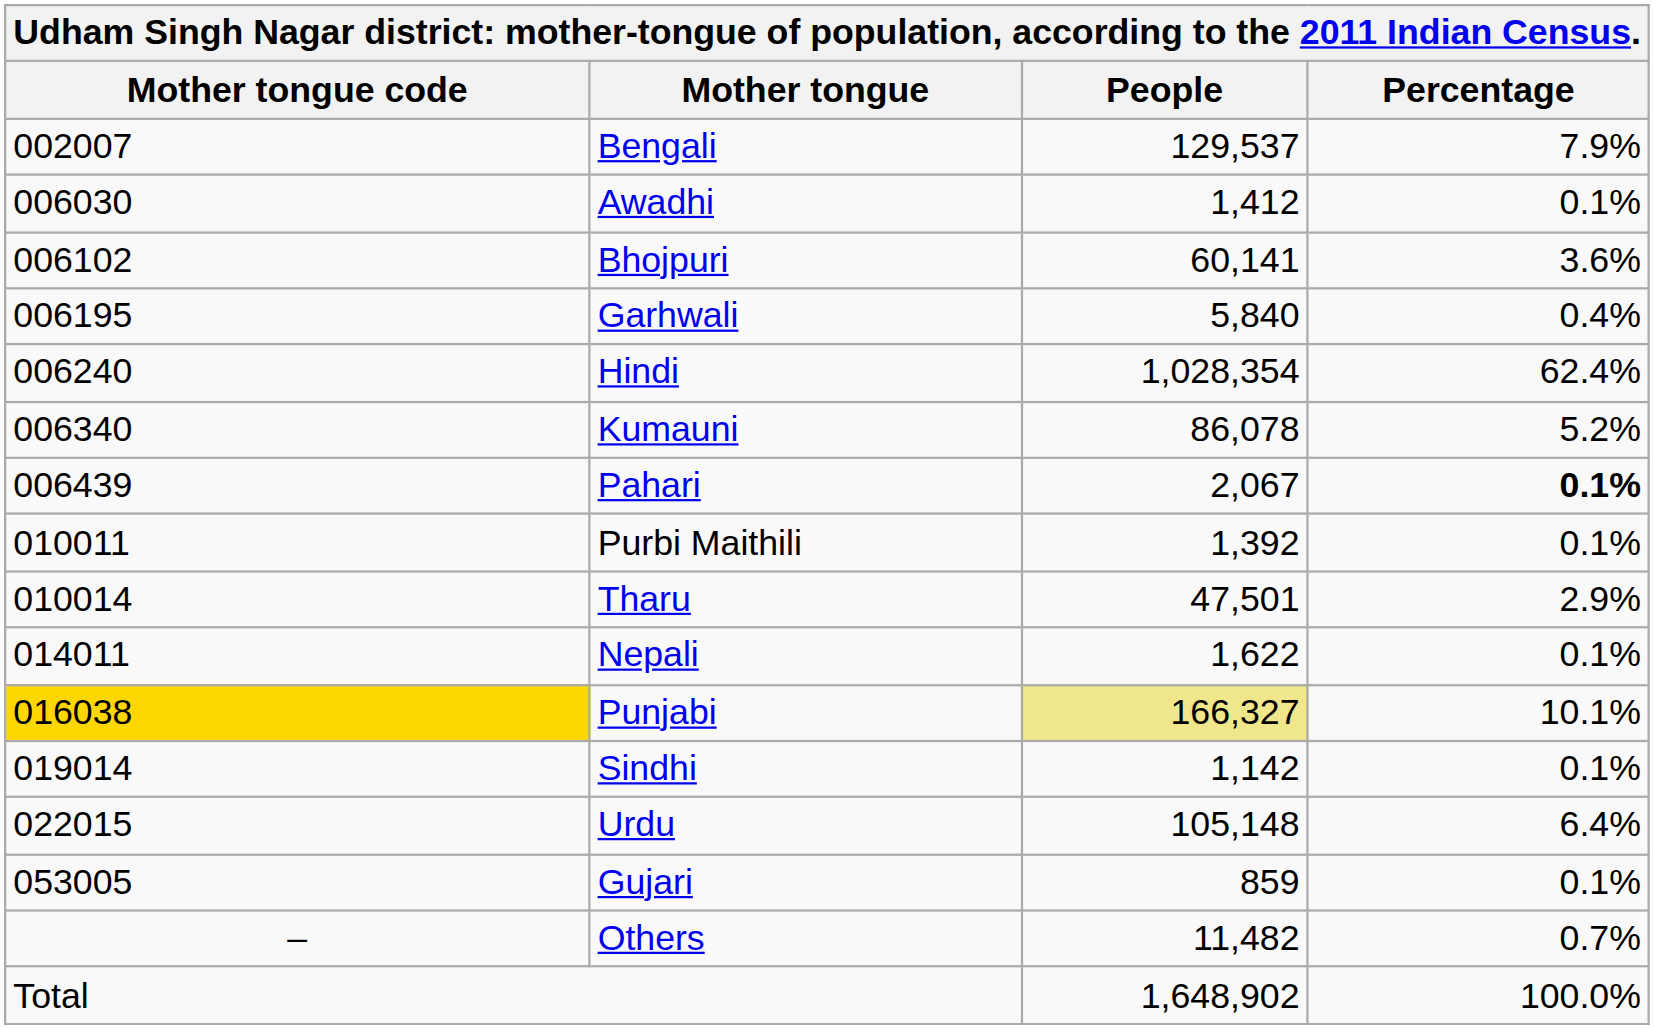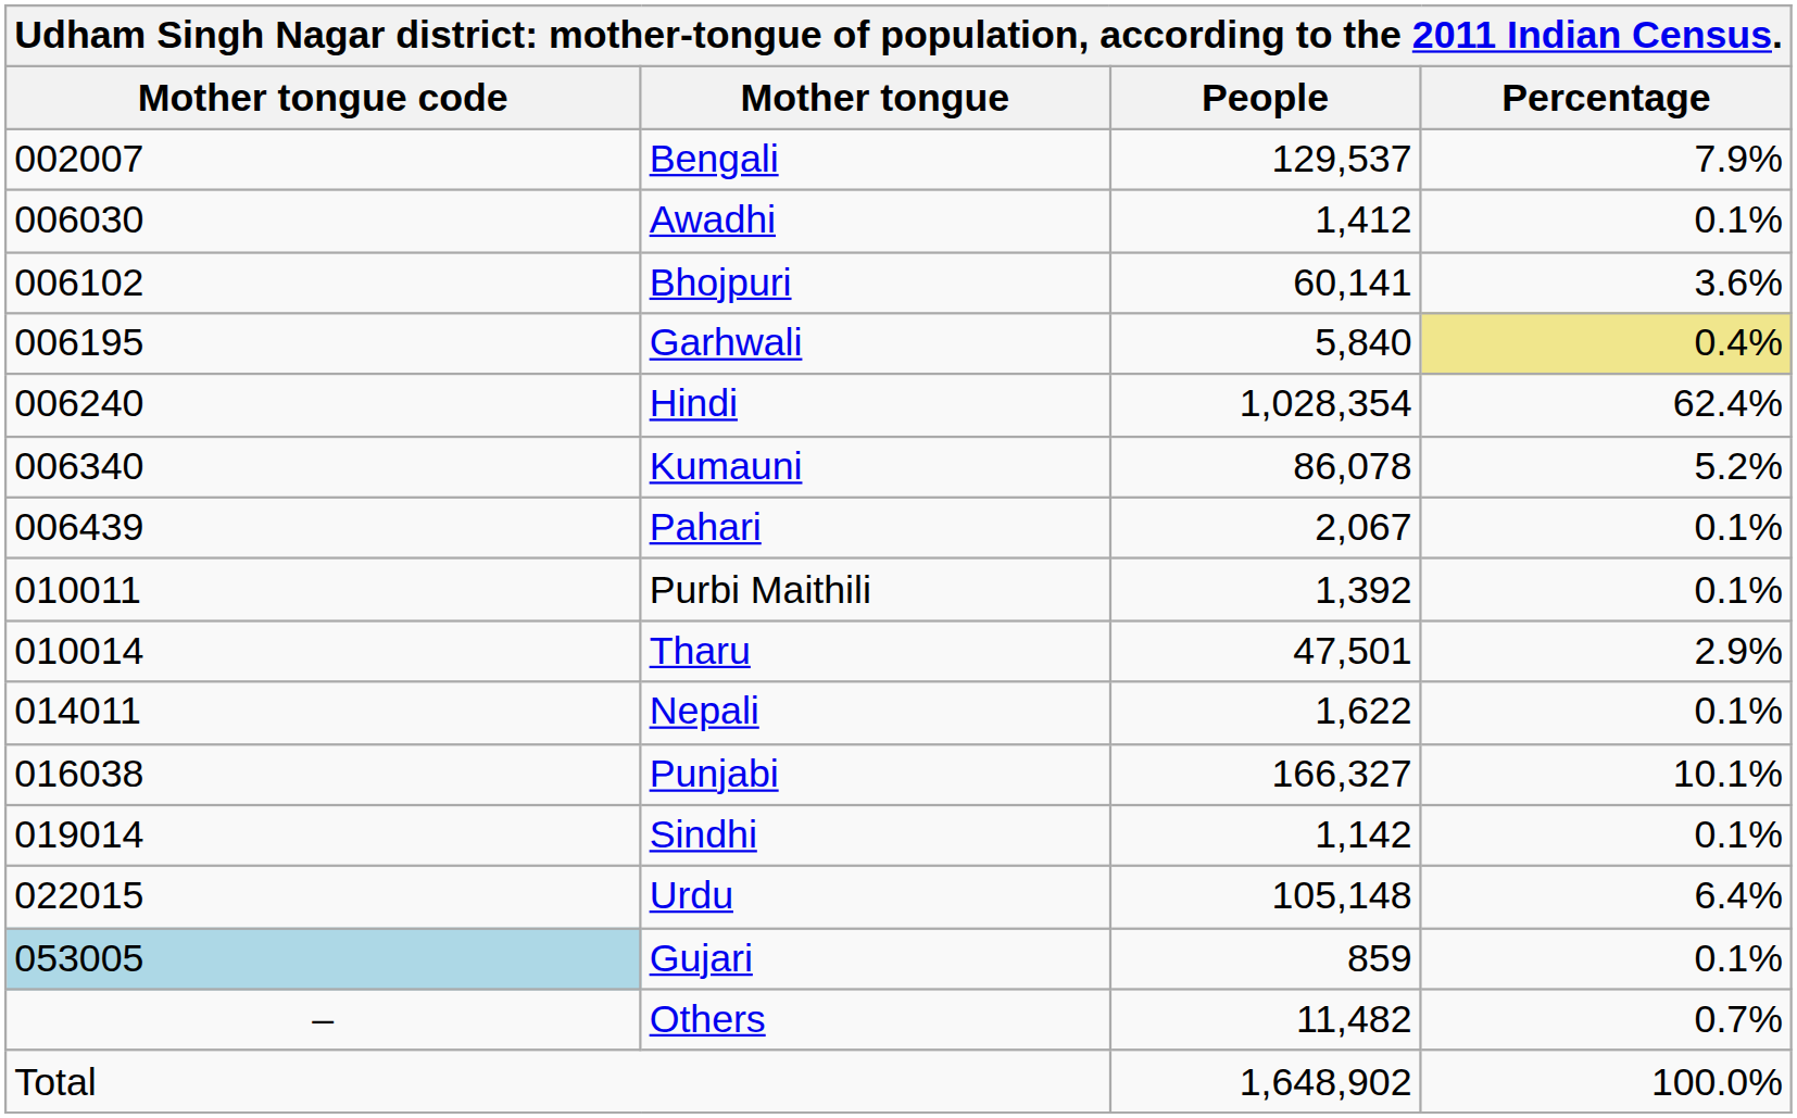 <table class="wikitable sortable mw-collapsible mw-collapsed">
 <tr valign=top>
 <th colspan=4>Udham Singh Nagar district: mother-tongue of population, according to the <a href='#'>2011 Indian Census</a>.</th>
 </tr>
 <tr valign=top>
 <th>Mother tongue code</th>
 <th>Mother tongue</th>
 <th>People</th>
 <th>Percentage</th>
 </tr>
 <tr valign=top>
 <td>002007</td>
 <td><a href='#'>Bengali</a></td>
 <td align=right>129,537</td>
 <td align=right>7.9%</td>
 </tr>
 <tr valign=top>
 <td>006030</td>
 <td><a href='#'>Awadhi</a></td>
 <td align=right>1,412</td>
 <td align=right>0.1%</td>
 </tr>
 <tr valign=top>
 <td>006102</td>
 <td><a href='#'>Bhojpuri</a></td>
 <td align=right>60,141</td>
 <td align=right>3.6%</td>
 </tr>
 <tr valign=top>
 <td>006195</td>
 <td><a href='#'>Garhwali</a></td>
 <td align=right>5,840</td>
-<td align=right>0.4%</td>
+<td align=right style="background: khaki;">0.4%</td>
 </tr>
 <tr valign=top>
 <td>006240</td>
 <td><a href='#'>Hindi</a></td>
 <td align=right>1,028,354</td>
 <td align=right>62.4%</td>
 </tr>
 <tr valign=top>
 <td>006340</td>
 <td><a href='#'>Kumauni</a></td>
 <td align=right>86,078</td>
 <td align=right>5.2%</td>
 </tr>
 <tr valign=top>
 <td>006439</td>
 <td><a href='#'>Pahari</a></td>
 <td align=right>2,067</td>
-<td align=right><strong>0.1%</strong></td>
+<td align=right>0.1%</td>
 </tr>
 <tr valign=top>
 <td>010011</td>
 <td>Purbi Maithili</td>
 <td align=right>1,392</td>
 <td align=right>0.1%</td>
 </tr>
 <tr valign=top>
 <td>010014</td>
 <td><a href='#'>Tharu</a></td>
 <td align=right>47,501</td>
 <td align=right>2.9%</td>
 </tr>
 <tr valign=top>
 <td>014011</td>
 <td><a href='#'>Nepali</a></td>
 <td align=right>1,622</td>
 <td align=right>0.1%</td>
 </tr>
 <tr valign=top>
-<td style="background: gold;">016038</td>
+<td>016038</td>
 <td><a href='#'>Punjabi</a></td>
-<td align=right style="background: khaki;">166,327</td>
+<td align=right>166,327</td>
 <td align=right>10.1%</td>
 </tr>
 <tr valign=top>
 <td>019014</td>
 <td><a href='#'>Sindhi</a></td>
 <td align=right>1,142</td>
 <td align=right>0.1%</td>
 </tr>
 <tr valign=top>
 <td>022015</td>
 <td><a href='#'>Urdu</a></td>
 <td align=right>105,148</td>
 <td align=right>6.4%</td>
 </tr>
 <tr valign=top>
-<td>053005</td>
+<td style="background: lightblue;">053005</td>
 <td><a href='#'>Gujari</a></td>
 <td align=right>859</td>
 <td align=right>0.1%</td>
 </tr>
 <tr valign=top>
 <td align=center>–</td>
 <td><a href='#'>Others</a></td>
 <td align=right>11,482</td>
 <td align=right>0.7%</td>
 </tr>
 <tr valign=top class=sortbottom>
 <td colspan=2>Total</td>
 <td align=right>1,648,902</td>
 <td align=right>100.0%</td>
 </tr>
 <tr>
 </tr>
 </table>
